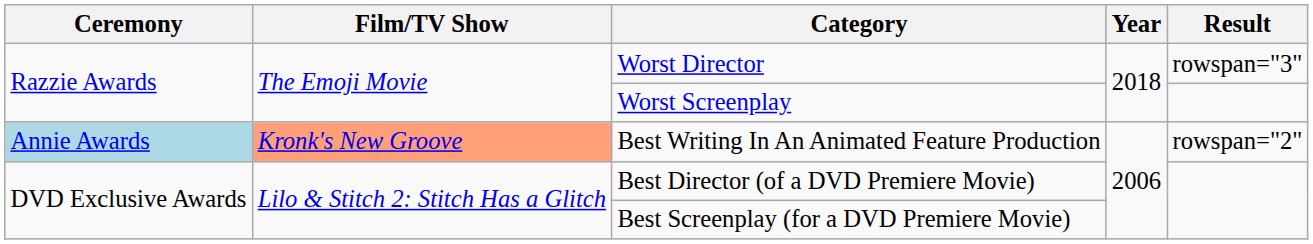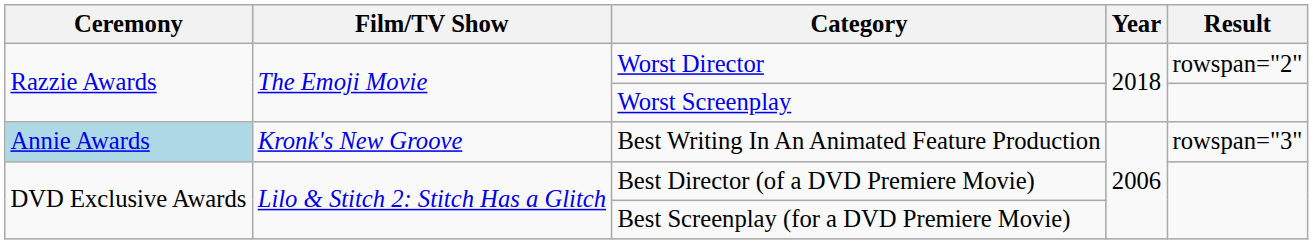 <table class="wikitable">
 <tr>
 <th>Ceremony</th>
 <th>Film/TV Show</th>
 <th>Category</th>
 <th>Year</th>
 <th>Result</th>
 </tr>
 <tr>
 <td rowspan="2"><a href='#'>Razzie Awards</a></td>
 <td rowspan="2"><em><a href='#'>The Emoji Movie</a></em></td>
 <td><a href='#'>Worst Director</a></td>
 <td rowspan="2">2018</td>
-<td>rowspan="3" </td>
+<td>rowspan="2" </td>
 </tr>
 <tr>
 <td><a href='#'>Worst Screenplay</a></td>
 </tr>
 <tr>
 <td style="background: lightblue;"><a href='#'>Annie Awards</a></td>
-<td style="background: lightsalmon;"><em><a href='#'>Kronk's New Groove</a></em></td>
+<td><em><a href='#'>Kronk's New Groove</a></em></td>
 <td>Best Writing In An Animated Feature Production</td>
 <td rowspan="3">2006</td>
-<td>rowspan="2" </td>
+<td>rowspan="3" </td>
 </tr>
 <tr>
 <td rowspan="2">DVD Exclusive Awards</td>
 <td rowspan="2"><em><a href='#'>Lilo & Stitch 2: Stitch Has a Glitch</a></em></td>
 <td>Best Director (of a DVD Premiere Movie)</td>
 </tr>
 <tr>
 <td>Best Screenplay (for a DVD Premiere Movie)</td>
 </tr>
 </table>
